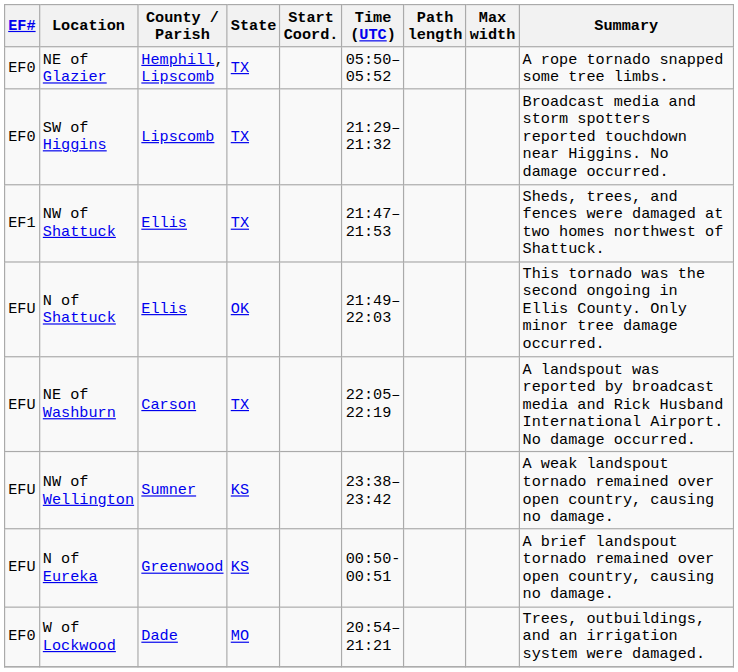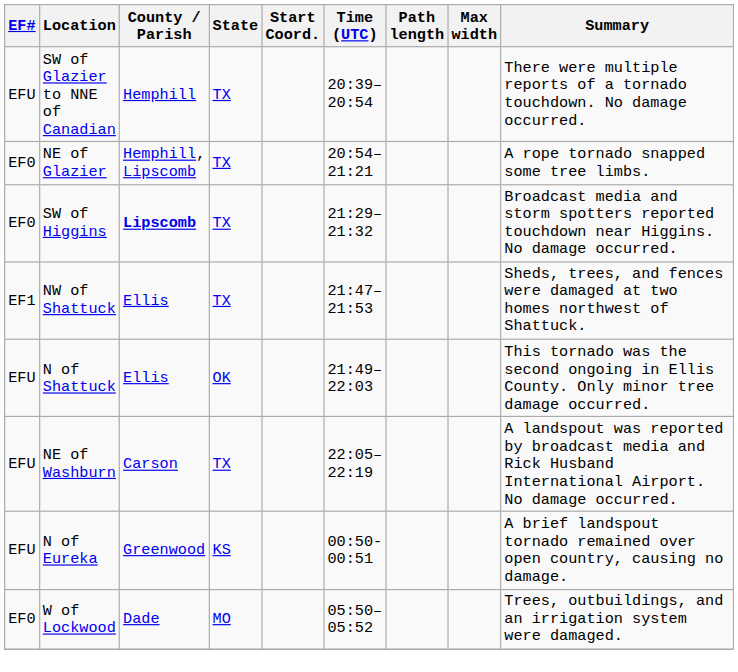 <table class="wikitable sortable" style="width:100%;">
 <tr>
 <th scope="col"  style="width:3%; text-align:center;"><a href='#'>EF#</a></th>
 <th scope="col"  style="width:7%; text-align:center;" class="unsortable">Location</th>
 <th scope="col"  style="width:6%; text-align:center;" class="unsortable">County / Parish</th>
 <th scope="col"  style="width:5%; text-align:center;">State</th>
 <th scope="col"  style="width:6%; text-align:center;">Start Coord.</th>
 <th scope="col"  style="width:6%; text-align:center;">Time (<a href='#'>UTC</a>)</th>
 <th scope="col"  style="width:6%; text-align:center;">Path length</th>
 <th scope="col"  style="width:6%; text-align:center;">Max width</th>
 <th scope="col" class="unsortable" style="width:48%; text-align:center;">Summary</th>
 </tr>
 <tr>
+<td>EFU</td>
+<td>SW of <a href='#'>Glazier</a> to NNE of <a href='#'>Canadian</a></td>
+<td><a href='#'>Hemphill</a></td>
+<td><a href='#'>TX</a></td>
+<td></td>
+<td>20:39–20:54</td>
+<td></td>
+<td></td>
+<td>There were multiple reports of a tornado touchdown. No damage occurred.</td>
+</tr>
+<tr>
 <td>EF0</td>
 <td>NE of <a href='#'>Glazier</a></td>
 <td><a href='#'>Hemphill</a>, <a href='#'>Lipscomb</a></td>
 <td><a href='#'>TX</a></td>
 <td></td>
-<td>05:50–05:52</td>
+<td>20:54–21:21</td>
 <td></td>
 <td></td>
 <td>A rope tornado snapped some tree limbs.</td>
 </tr>
 <tr>
 <td>EF0</td>
 <td>SW of <a href='#'>Higgins</a></td>
-<td><a href='#'>Lipscomb</a></td>
+<td><strong><a href='#'>Lipscomb</a></strong></td>
 <td><a href='#'>TX</a></td>
 <td></td>
 <td>21:29–21:32</td>
 <td></td>
 <td></td>
 <td>Broadcast media and storm spotters reported touchdown near Higgins. No damage occurred.</td>
 </tr>
 <tr>
 <td>EF1</td>
 <td>NW of <a href='#'>Shattuck</a></td>
 <td><a href='#'>Ellis</a></td>
 <td><a href='#'>TX</a></td>
 <td></td>
 <td>21:47–21:53</td>
 <td></td>
 <td></td>
 <td>Sheds, trees, and fences were damaged at two homes northwest of Shattuck.</td>
 </tr>
 <tr>
 <td>EFU</td>
 <td>N of <a href='#'>Shattuck</a></td>
 <td><a href='#'>Ellis</a></td>
 <td><a href='#'>OK</a></td>
 <td></td>
 <td>21:49–22:03</td>
 <td></td>
 <td></td>
 <td>This tornado was the second ongoing in Ellis County. Only minor tree damage occurred.</td>
 </tr>
 <tr>
 <td>EFU</td>
 <td>NE of <a href='#'>Washburn</a></td>
 <td><a href='#'>Carson</a></td>
 <td><a href='#'>TX</a></td>
 <td></td>
 <td>22:05–22:19</td>
 <td></td>
 <td></td>
 <td>A landspout was reported by broadcast media and Rick Husband International Airport. No damage occurred.</td>
 </tr>
 <tr>
 <td>EFU</td>
-<td>NW of <a href='#'>Wellington</a></td>
-<td><a href='#'>Sumner</a></td>
-<td><a href='#'>KS</a></td>
-<td></td>
-<td>23:38–23:42</td>
-<td></td>
-<td></td>
-<td>A weak landspout tornado remained over open country, causing no damage.</td>
-</tr>
-<tr>
-<td>EFU</td>
 <td>N of <a href='#'>Eureka</a></td>
 <td><a href='#'>Greenwood</a></td>
 <td><a href='#'>KS</a></td>
 <td></td>
 <td>00:50-00:51</td>
 <td></td>
 <td></td>
 <td>A brief landspout tornado remained over open country, causing no damage.</td>
 </tr>
 <tr>
 <td>EF0</td>
 <td>W of <a href='#'>Lockwood</a></td>
 <td><a href='#'>Dade</a></td>
 <td><a href='#'>MO</a></td>
 <td></td>
-<td>20:54–21:21</td>
+<td>05:50–05:52</td>
 <td></td>
 <td></td>
 <td>Trees, outbuildings, and an irrigation system were damaged.</td>
 </tr>
 <tr>
 </tr>
 </table>
